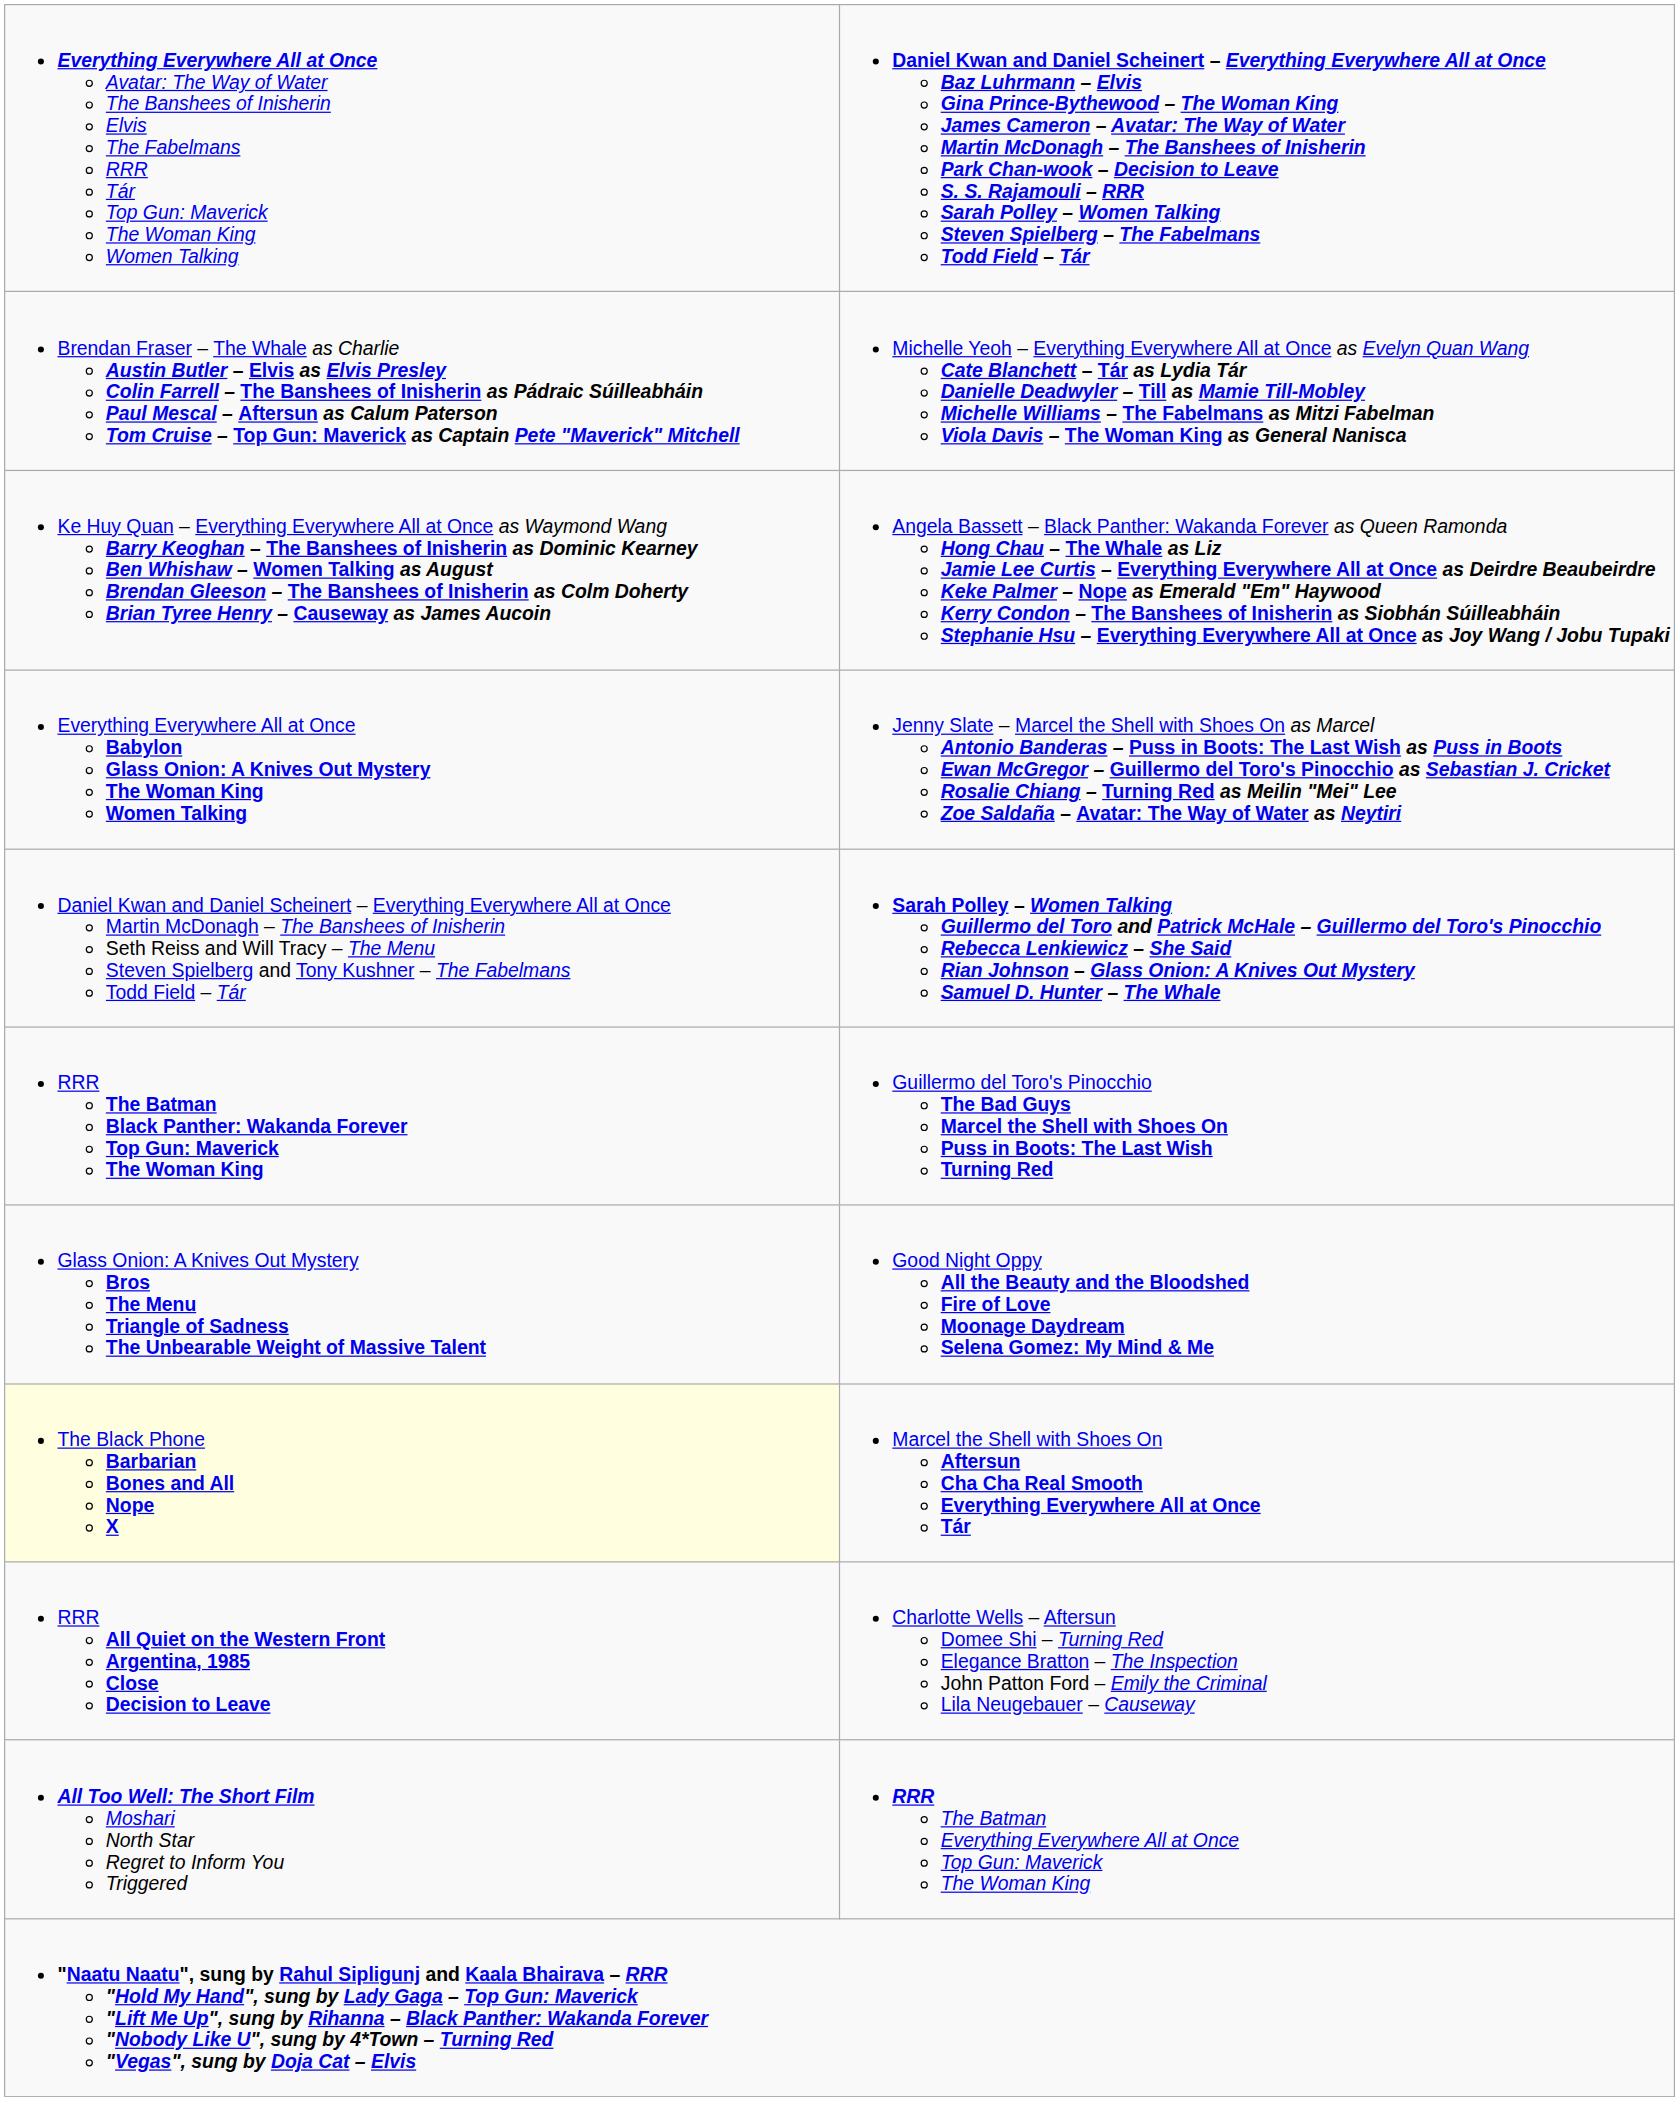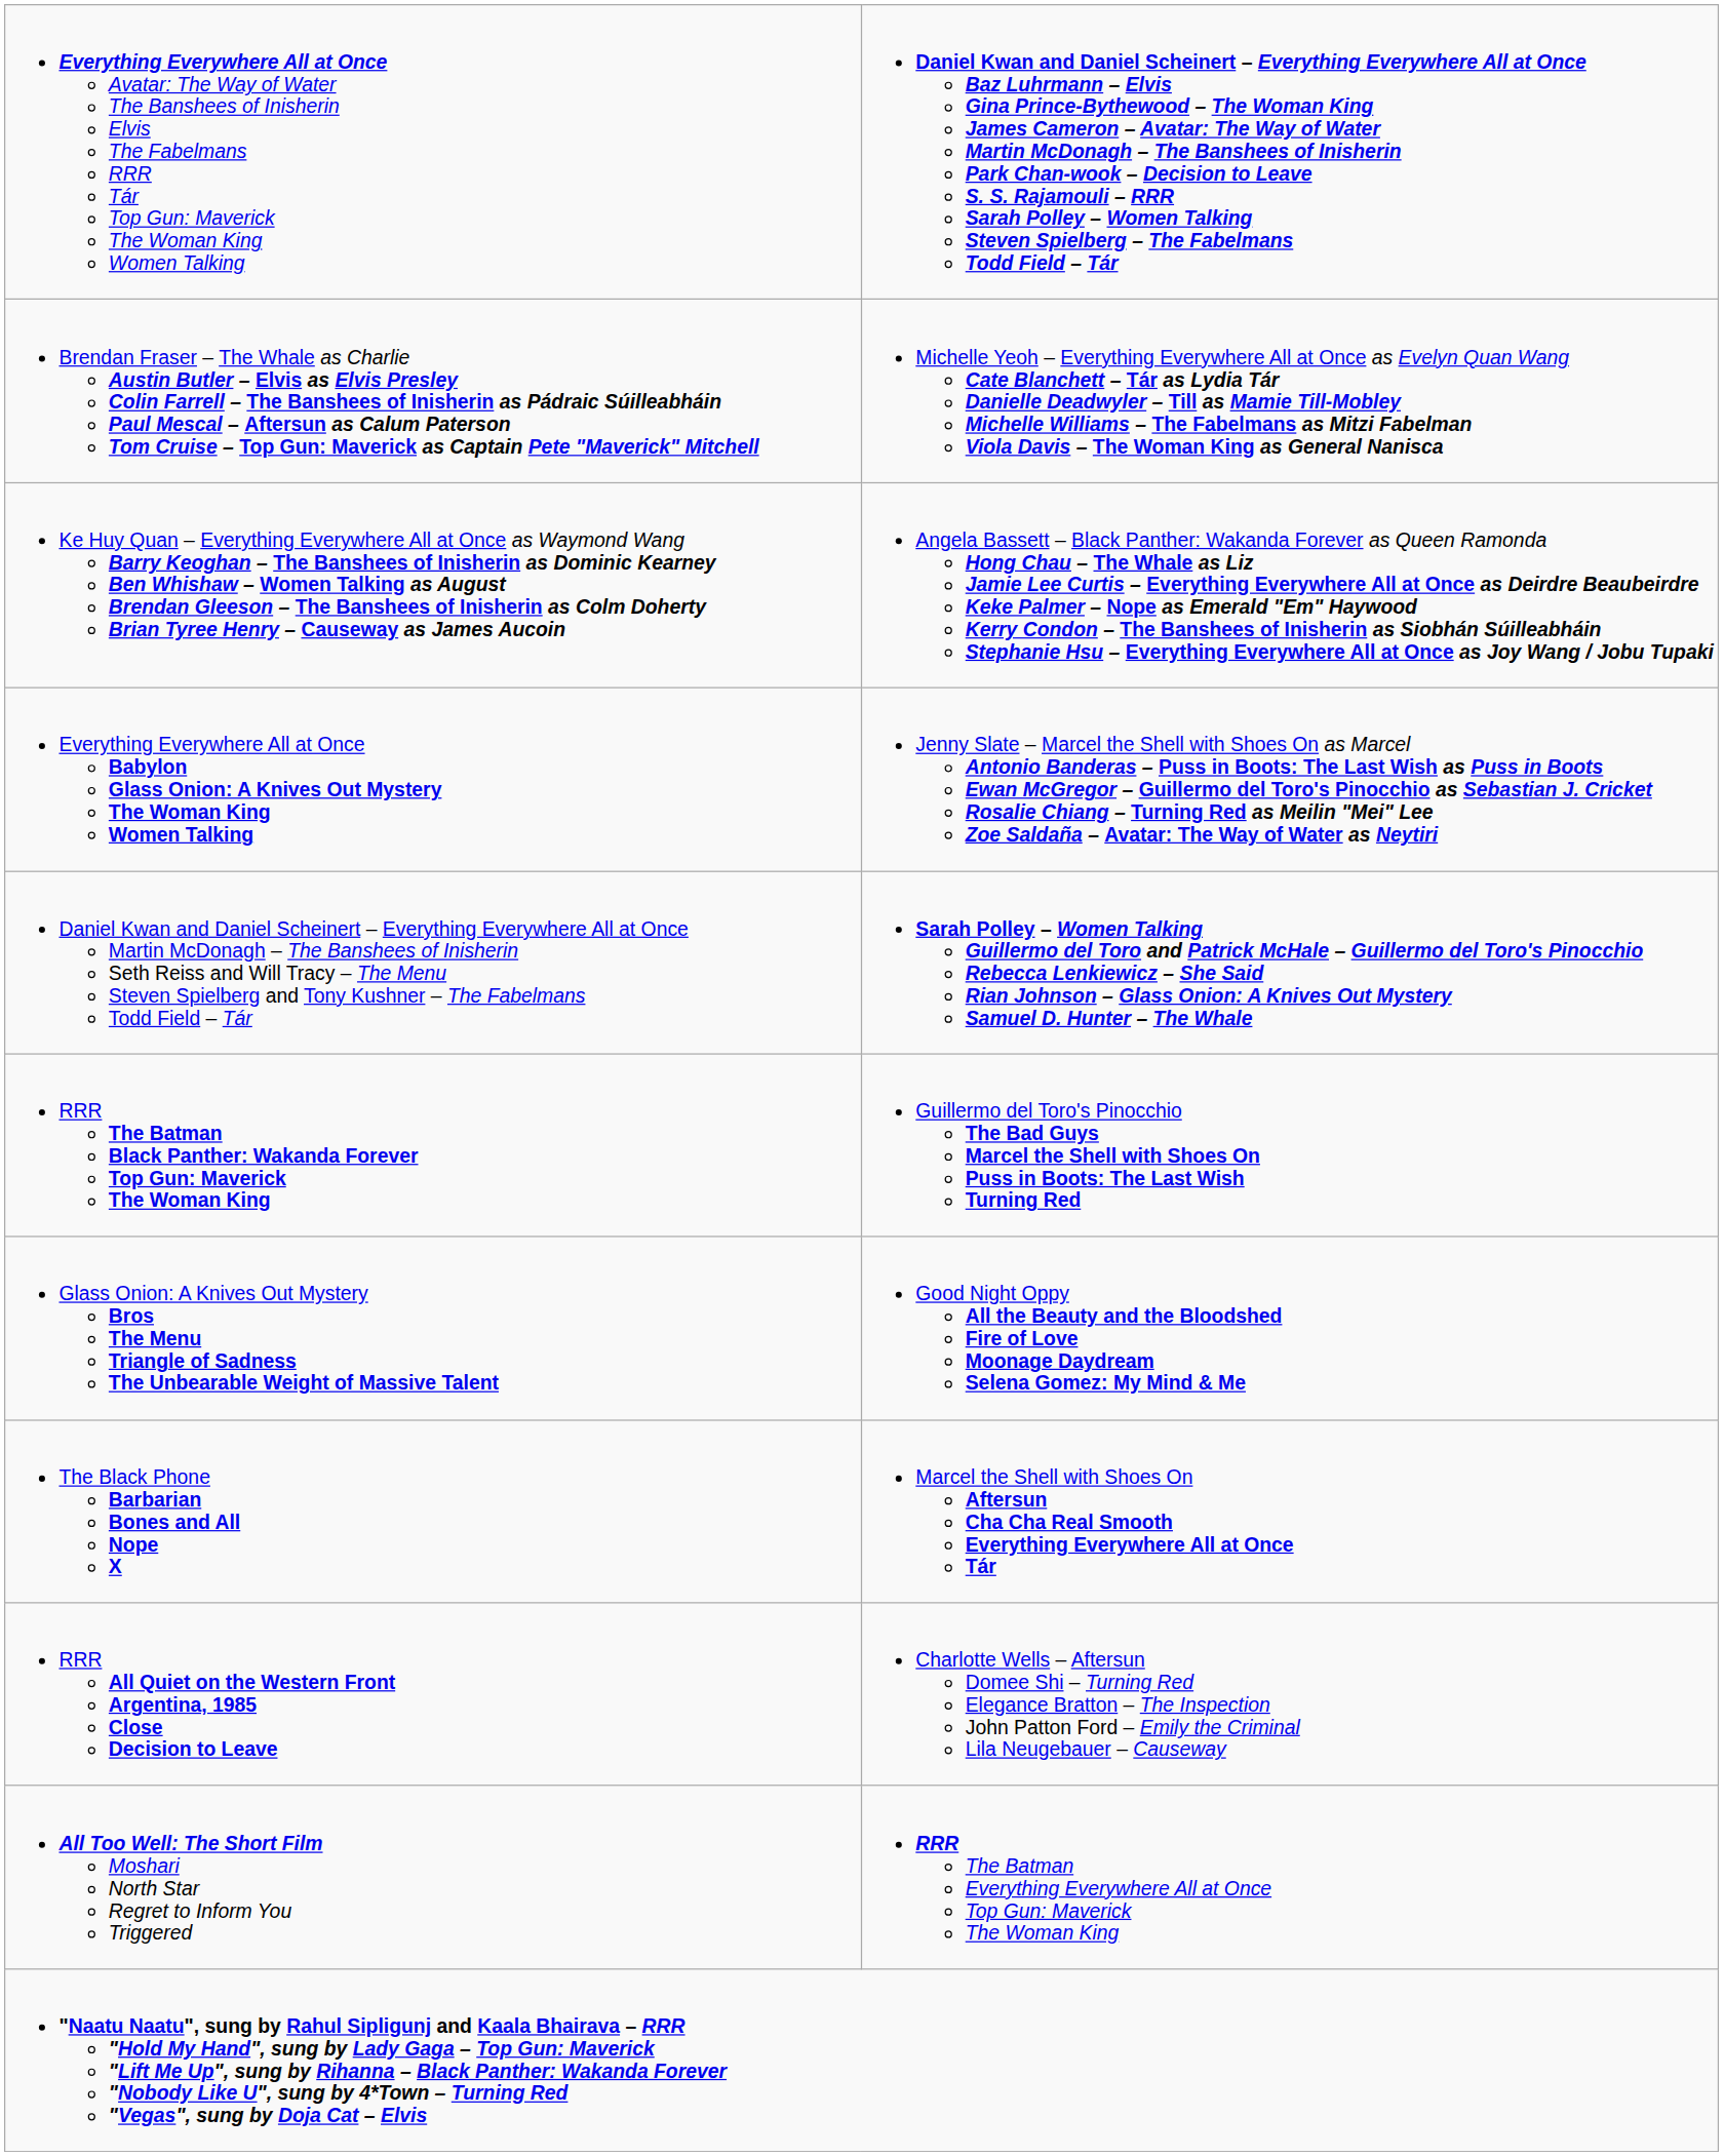 <table class="wikitable">
 <tr>
 <td valign="top" width="50%"><br><ul><li><strong><em><a href='#'>Everything Everywhere All at Once</a></em></strong><ul><li><em><a href='#'>Avatar: The Way of Water</a></em></li><li><em><a href='#'>The Banshees of Inisherin</a></em></li><li><em><a href='#'>Elvis</a></em></li><li><em><a href='#'>The Fabelmans</a></em></li><li><em><a href='#'>RRR</a></em></li><li><em><a href='#'>Tár</a></em></li><li><em><a href='#'>Top Gun: Maverick</a></em></li><li><em><a href='#'>The Woman King</a></em></li><li><em><a href='#'>Women Talking</a></em></li></ul></li></ul></td>
 <td valign="top" width="50%"><br><ul><li><strong><a href='#'>Daniel Kwan and Daniel Scheinert</a> – <em><a href='#'>Everything Everywhere All at Once</a><strong><em><ul><li><a href='#'>Baz Luhrmann</a> – </em><a href='#'>Elvis</a><em></li><li><a href='#'>Gina Prince-Bythewood</a> – </em><a href='#'>The Woman King</a><em></li><li><a href='#'>James Cameron</a> – </em><a href='#'>Avatar: The Way of Water</a><em></li><li><a href='#'>Martin McDonagh</a> – </em><a href='#'>The Banshees of Inisherin</a><em></li><li><a href='#'>Park Chan-wook</a> – </em><a href='#'>Decision to Leave</a><em></li><li><a href='#'>S. S. Rajamouli</a> – </em><a href='#'>RRR</a><em></li><li><a href='#'>Sarah Polley</a> – </em><a href='#'>Women Talking</a><em></li><li><a href='#'>Steven Spielberg</a> – </em><a href='#'>The Fabelmans</a><em></li><li><a href='#'>Todd Field</a> – </em><a href='#'>Tár</a><em></li></ul></li></ul></td>
 </tr>
 <tr>
 <td valign="top" width="50%"><br><ul><li></strong><a href='#'>Brendan Fraser</a> – </em><a href='#'>The Whale</a><em> as Charlie<strong><ul><li><a href='#'>Austin Butler</a> – </em><a href='#'>Elvis</a><em> as <a href='#'>Elvis Presley</a></li><li><a href='#'>Colin Farrell</a> – </em><a href='#'>The Banshees of Inisherin</a><em> as Pádraic Súilleabháin</li><li><a href='#'>Paul Mescal</a> – </em><a href='#'>Aftersun</a><em> as Calum Paterson</li><li><a href='#'>Tom Cruise</a> – </em><a href='#'>Top Gun: Maverick</a><em> as Captain <a href='#'>Pete "Maverick" Mitchell</a></li></ul></li></ul></td>
 <td valign="top" width="50%"><br><ul><li></strong><a href='#'>Michelle Yeoh</a> – </em><a href='#'>Everything Everywhere All at Once</a><em> as <a href='#'>Evelyn Quan Wang</a><strong><ul><li><a href='#'>Cate Blanchett</a> – </em><a href='#'>Tár</a><em> as Lydia Tár</li><li><a href='#'>Danielle Deadwyler</a> – </em><a href='#'>Till</a><em> as <a href='#'>Mamie Till-Mobley</a></li><li><a href='#'>Michelle Williams</a> – </em><a href='#'>The Fabelmans</a><em> as Mitzi Fabelman</li><li><a href='#'>Viola Davis</a> – </em><a href='#'>The Woman King</a><em> as General Nanisca</li></ul></li></ul></td>
 </tr>
 <tr>
 <td valign="top" width="50%"><br><ul><li></strong><a href='#'>Ke Huy Quan</a> – </em><a href='#'>Everything Everywhere All at Once</a><em> as Waymond Wang<strong><ul><li><a href='#'>Barry Keoghan</a> – </em><a href='#'>The Banshees of Inisherin</a><em> as Dominic Kearney</li><li><a href='#'>Ben Whishaw</a> – </em><a href='#'>Women Talking</a><em> as August</li><li><a href='#'>Brendan Gleeson</a> – </em><a href='#'>The Banshees of Inisherin</a><em> as Colm Doherty</li><li><a href='#'>Brian Tyree Henry</a> – </em><a href='#'>Causeway</a><em> as James Aucoin</li></ul></li></ul></td>
 <td valign="top" width="50%"><br><ul><li></strong><a href='#'>Angela Bassett</a> – </em><a href='#'>Black Panther: Wakanda Forever</a><em> as Queen Ramonda<strong><ul><li><a href='#'>Hong Chau</a> – </em><a href='#'>The Whale</a><em> as Liz</li><li><a href='#'>Jamie Lee Curtis</a> – </em><a href='#'>Everything Everywhere All at Once</a><em> as Deirdre Beaubeirdre</li><li><a href='#'>Keke Palmer</a> – </em><a href='#'>Nope</a><em> as Emerald "Em" Haywood</li><li><a href='#'>Kerry Condon</a> – </em><a href='#'>The Banshees of Inisherin</a><em> as Siobhán Súilleabháin</li><li><a href='#'>Stephanie Hsu</a> – </em><a href='#'>Everything Everywhere All at Once</a><em> as Joy Wang / Jobu Tupaki</li></ul></li></ul></td>
 </tr>
 <tr>
 <td valign="top" width="50%"><br><ul><li></em></strong><a href='#'>Everything Everywhere All at Once</a><strong><em><ul><li></em><a href='#'>Babylon</a><em></li><li></em><a href='#'>Glass Onion: A Knives Out Mystery</a><em></li><li></em><a href='#'>The Woman King</a><em></li><li></em><a href='#'>Women Talking</a><em></li></ul></li></ul></td>
 <td valign="top" width="50%"><br><ul><li></strong><a href='#'>Jenny Slate</a> – </em><a href='#'>Marcel the Shell with Shoes On</a><em> as Marcel<strong><ul><li><a href='#'>Antonio Banderas</a> – </em><a href='#'>Puss in Boots: The Last Wish</a><em> as <a href='#'>Puss in Boots</a></li><li><a href='#'>Ewan McGregor</a> – </em><a href='#'>Guillermo del Toro's Pinocchio</a><em> as <a href='#'>Sebastian J. Cricket</a></li><li><a href='#'>Rosalie Chiang</a> – </em><a href='#'>Turning Red</a><em> as Meilin "Mei" Lee</li><li><a href='#'>Zoe Saldaña</a> – </em><a href='#'>Avatar: The Way of Water</a><em> as <a href='#'>Neytiri</a></li></ul></li></ul></td>
 </tr>
 <tr>
 <td valign="top" width="50%"><br><ul><li></strong><a href='#'>Daniel Kwan and Daniel Scheinert</a> – </em><a href='#'>Everything Everywhere All at Once</a></em></strong><ul><li><a href='#'>Martin McDonagh</a> – <em><a href='#'>The Banshees of Inisherin</a></em></li><li>Seth Reiss and Will Tracy – <em><a href='#'>The Menu</a></em></li><li><a href='#'>Steven Spielberg</a> and <a href='#'>Tony Kushner</a> – <em><a href='#'>The Fabelmans</a></em></li><li><a href='#'>Todd Field</a> – <em><a href='#'>Tár</a></em></li></ul></li></ul></td>
 <td valign="top" width="50%"><br><ul><li><strong><a href='#'>Sarah Polley</a> – <em><a href='#'>Women Talking</a><strong><em><ul><li><a href='#'>Guillermo del Toro</a> and <a href='#'>Patrick McHale</a> – </em><a href='#'>Guillermo del Toro's Pinocchio</a><em></li><li><a href='#'>Rebecca Lenkiewicz</a> – </em><a href='#'>She Said</a><em></li><li><a href='#'>Rian Johnson</a> – </em><a href='#'>Glass Onion: A Knives Out Mystery</a><em></li><li><a href='#'>Samuel D. Hunter</a> – </em><a href='#'>The Whale</a><em></li></ul></li></ul></td>
 </tr>
 <tr>
 <td valign="top" width="50%"><br><ul><li></em></strong><a href='#'>RRR</a><strong><em><ul><li></em><a href='#'>The Batman</a><em></li><li></em><a href='#'>Black Panther: Wakanda Forever</a><em></li><li></em><a href='#'>Top Gun: Maverick</a><em></li><li></em><a href='#'>The Woman King</a><em></li></ul></li></ul></td>
 <td valign="top" width="50%"><br><ul><li></em></strong><a href='#'>Guillermo del Toro's Pinocchio</a><strong><em><ul><li></em><a href='#'>The Bad Guys</a><em></li><li></em><a href='#'>Marcel the Shell with Shoes On</a><em></li><li></em><a href='#'>Puss in Boots: The Last Wish</a><em></li><li></em><a href='#'>Turning Red</a><em></li></ul></li></ul></td>
 </tr>
 <tr>
 <td valign="top" width="50%"><br><ul><li></em></strong><a href='#'>Glass Onion: A Knives Out Mystery</a><strong><em><ul><li></em><a href='#'>Bros</a><em></li><li></em><a href='#'>The Menu</a><em></li><li></em><a href='#'>Triangle of Sadness</a><em></li><li></em><a href='#'>The Unbearable Weight of Massive Talent</a><em></li></ul></li></ul></td>
 <td valign="top" width="50%"><br><ul><li></em></strong><a href='#'>Good Night Oppy</a><strong><em><ul><li></em><a href='#'>All the Beauty and the Bloodshed</a><em></li><li></em><a href='#'>Fire of Love</a><em></li><li></em><a href='#'>Moonage Daydream</a><em></li><li></em><a href='#'>Selena Gomez: My Mind & Me</a><em></li></ul></li></ul></td>
 </tr>
 <tr>
-<td valign="top" width="50%" style="background: lightyellow;"><br><ul><li></em></strong><a href='#'>The Black Phone</a><strong><em><ul><li></em><a href='#'>Barbarian</a><em></li><li></em><a href='#'>Bones and All</a><em></li><li></em><a href='#'>Nope</a><em></li><li></em><a href='#'>X</a><em></li></ul></li></ul></td>
+<td valign="top" width="50%"><br><ul><li></em></strong><a href='#'>The Black Phone</a><strong><em><ul><li></em><a href='#'>Barbarian</a><em></li><li></em><a href='#'>Bones and All</a><em></li><li></em><a href='#'>Nope</a><em></li><li></em><a href='#'>X</a><em></li></ul></li></ul></td>
 <td valign="top" width="50%"><br><ul><li></em></strong><a href='#'>Marcel the Shell with Shoes On</a><strong><em><ul><li></em><a href='#'>Aftersun</a><em></li><li></em><a href='#'>Cha Cha Real Smooth</a><em></li><li></em><a href='#'>Everything Everywhere All at Once</a><em></li><li></em><a href='#'>Tár</a><em></li></ul></li></ul></td>
 </tr>
 <tr>
 <td valign="top" width="50%"><br><ul><li></em></strong><a href='#'>RRR</a><strong><em><ul><li></em><a href='#'>All Quiet on the Western Front</a><em></li><li></em><a href='#'>Argentina, 1985</a><em></li><li></em><a href='#'>Close</a><em></li><li></em><a href='#'>Decision to Leave</a><em></li></ul></li></ul></td>
 <td valign="top" width="50%"><br><ul><li></strong><a href='#'>Charlotte Wells</a> – </em><a href='#'>Aftersun</a></em></strong><ul><li><a href='#'>Domee Shi</a> – <em><a href='#'>Turning Red</a></em></li><li><a href='#'>Elegance Bratton</a> – <em><a href='#'>The Inspection</a></em></li><li>John Patton Ford – <em><a href='#'>Emily the Criminal</a></em></li><li><a href='#'>Lila Neugebauer</a> – <em><a href='#'>Causeway</a></em></li></ul></li></ul></td>
 </tr>
 <tr>
 <td valign="top" width="50%"><br><ul><li><strong><em><a href='#'>All Too Well: The Short Film</a></em></strong><ul><li><em><a href='#'>Moshari</a></em></li><li><em>North Star</em></li><li><em>Regret to Inform You</em></li><li><em>Triggered</em></li></ul></li></ul></td>
 <td valign="top" width="50%"><br><ul><li><strong><em><a href='#'>RRR</a></em></strong><ul><li><em><a href='#'>The Batman</a></em></li><li><em><a href='#'>Everything Everywhere All at Once</a></em></li><li><em><a href='#'>Top Gun: Maverick</a></em></li><li><em><a href='#'>The Woman King</a></em></li></ul></li></ul></td>
 </tr>
 <tr>
 <td colspan="2" valign="top" width="50%"><br><ul><li><strong>"<a href='#'>Naatu Naatu</a>", sung by <a href='#'>Rahul Sipligunj</a> and <a href='#'>Kaala Bhairava</a> – <em><a href='#'>RRR</a><strong><em><ul><li>"<a href='#'>Hold My Hand</a>", sung by <a href='#'>Lady Gaga</a> – </em><a href='#'>Top Gun: Maverick</a><em></li><li>"<a href='#'>Lift Me Up</a>", sung by <a href='#'>Rihanna</a> – </em><a href='#'>Black Panther: Wakanda Forever</a><em></li><li>"<a href='#'>Nobody Like U</a>", sung by 4*Town – </em><a href='#'>Turning Red</a><em></li><li>"<a href='#'>Vegas</a>", sung by <a href='#'>Doja Cat</a> – </em><a href='#'>Elvis</a><em></li></ul></li></ul></td>
 </tr>
 </table>
